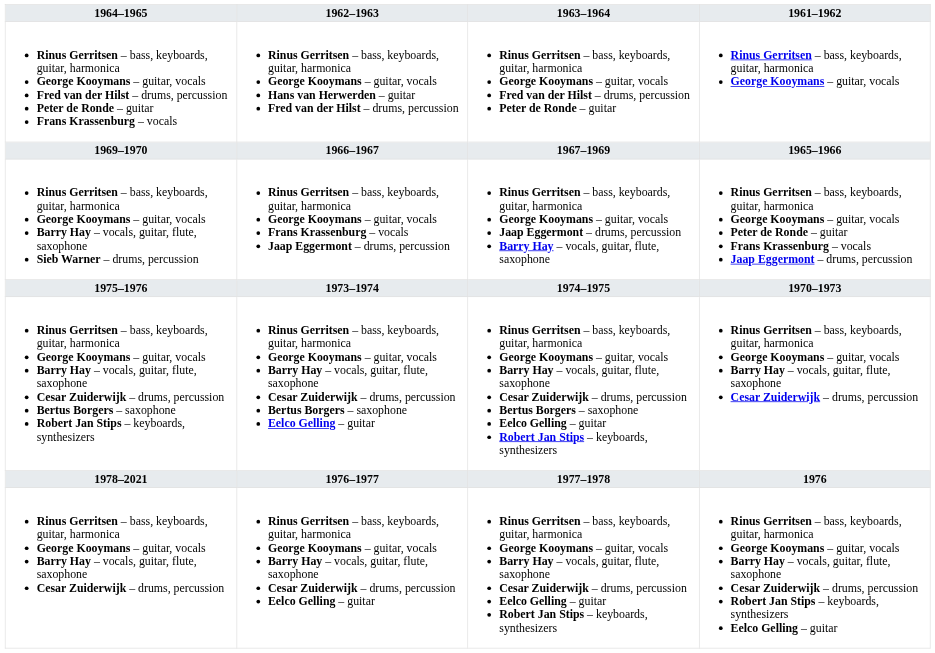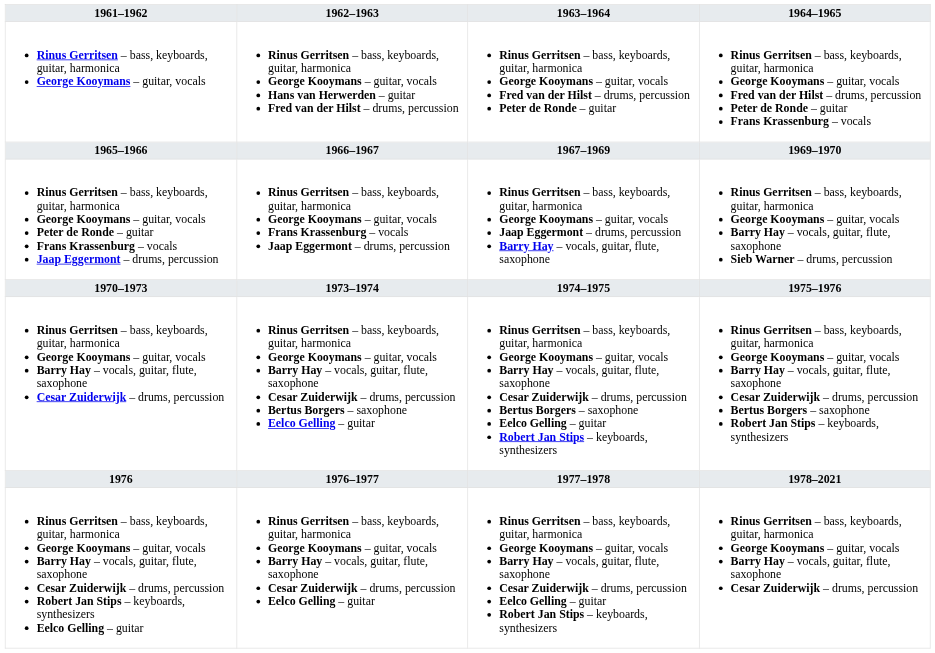 <table class="toccolours" border=1 cellpadding=2 cellspacing=0 style="float: width: 375px; margin: 0 0 1em 1em; border-collapse: collapse; border: 1px solid #E2E2E2;" width=99%>
 <tr>
-<th bgcolor="#E7EBEE" valign=top width=25%>1964–1965</th>
+<th bgcolor="#E7EBEE" valign=top width=25%>1961–1962</th>
 <th bgcolor="#E7EBEE" valign=top width=25%>1962–1963</th>
 <th bgcolor="#E7EBEE" valign=top width=25%>1963–1964</th>
-<th bgcolor="#E7EBEE" valign=top width=25%>1961–1962</th>
+<th bgcolor="#E7EBEE" valign=top width=25%>1964–1965</th>
 </tr>
 <tr>
-<td valign=top><br><ul><li><strong>Rinus Gerritsen</strong> – bass, keyboards, guitar, harmonica</li><li><strong>George Kooymans</strong> – guitar, vocals</li><li><strong>Fred van der Hilst</strong> – drums, percussion</li><li><strong>Peter de Ronde</strong> – guitar</li><li><strong>Frans Krassenburg</strong> – vocals</li></ul></td>
+<td valign=top><br><ul><li><strong><a href='#'>Rinus Gerritsen</a></strong> – bass, keyboards, guitar, harmonica</li><li><strong><a href='#'>George Kooymans</a></strong> – guitar, vocals</li></ul></td>
 <td valign=top><br><ul><li><strong>Rinus Gerritsen</strong> – bass, keyboards, guitar, harmonica</li><li><strong>George Kooymans</strong> – guitar, vocals</li><li><strong>Hans van Herwerden</strong> – guitar</li><li><strong>Fred van der Hilst</strong> – drums, percussion</li></ul></td>
 <td valign=top><br><ul><li><strong>Rinus Gerritsen</strong> – bass, keyboards, guitar, harmonica</li><li><strong>George Kooymans</strong> – guitar, vocals</li><li><strong>Fred van der Hilst</strong> – drums, percussion</li><li><strong>Peter de Ronde</strong> – guitar</li></ul></td>
-<td valign=top><br><ul><li><strong><a href='#'>Rinus Gerritsen</a></strong> – bass, keyboards, guitar, harmonica</li><li><strong><a href='#'>George Kooymans</a></strong> – guitar, vocals</li></ul></td>
+<td valign=top><br><ul><li><strong>Rinus Gerritsen</strong> – bass, keyboards, guitar, harmonica</li><li><strong>George Kooymans</strong> – guitar, vocals</li><li><strong>Fred van der Hilst</strong> – drums, percussion</li><li><strong>Peter de Ronde</strong> – guitar</li><li><strong>Frans Krassenburg</strong> – vocals</li></ul></td>
 </tr>
 <tr>
-<th bgcolor="#E7EBEE" valign=top width=25%>1969–1970</th>
+<th bgcolor="#E7EBEE" valign=top width=25%>1965–1966</th>
 <th bgcolor="#E7EBEE" valign=top width=25%>1966–1967</th>
 <th bgcolor="#E7EBEE" valign=top width=25%>1967–1969</th>
-<th bgcolor="#E7EBEE" valign=top width=25%>1965–1966</th>
+<th bgcolor="#E7EBEE" valign=top width=25%>1969–1970</th>
 </tr>
 <tr>
-<td valign=top><br><ul><li><strong>Rinus Gerritsen</strong> – bass, keyboards, guitar, harmonica</li><li><strong>George Kooymans</strong> – guitar, vocals</li><li><strong>Barry Hay</strong> – vocals, guitar, flute, saxophone</li><li><strong>Sieb Warner</strong> – drums, percussion</li></ul></td>
+<td valign=top><br><ul><li><strong>Rinus Gerritsen</strong> – bass, keyboards, guitar, harmonica</li><li><strong>George Kooymans</strong> – guitar, vocals</li><li><strong>Peter de Ronde</strong> – guitar</li><li><strong>Frans Krassenburg</strong> – vocals</li><li><strong><a href='#'>Jaap Eggermont</a></strong> – drums, percussion</li></ul></td>
 <td valign=top><br><ul><li><strong>Rinus Gerritsen</strong> – bass, keyboards, guitar, harmonica</li><li><strong>George Kooymans</strong> – guitar, vocals</li><li><strong>Frans Krassenburg</strong> – vocals</li><li><strong>Jaap Eggermont</strong> – drums, percussion</li></ul></td>
 <td valign=top><br><ul><li><strong>Rinus Gerritsen</strong> – bass, keyboards, guitar, harmonica</li><li><strong>George Kooymans</strong> – guitar, vocals</li><li><strong>Jaap Eggermont</strong> – drums, percussion</li><li><strong><a href='#'>Barry Hay</a></strong> – vocals, guitar, flute, saxophone</li></ul></td>
-<td valign=top><br><ul><li><strong>Rinus Gerritsen</strong> – bass, keyboards, guitar, harmonica</li><li><strong>George Kooymans</strong> – guitar, vocals</li><li><strong>Peter de Ronde</strong> – guitar</li><li><strong>Frans Krassenburg</strong> – vocals</li><li><strong><a href='#'>Jaap Eggermont</a></strong> – drums, percussion</li></ul></td>
+<td valign=top><br><ul><li><strong>Rinus Gerritsen</strong> – bass, keyboards, guitar, harmonica</li><li><strong>George Kooymans</strong> – guitar, vocals</li><li><strong>Barry Hay</strong> – vocals, guitar, flute, saxophone</li><li><strong>Sieb Warner</strong> – drums, percussion</li></ul></td>
 </tr>
 <tr>
-<th bgcolor="#E7EBEE" valign=top width=25%>1975–1976</th>
+<th bgcolor="#E7EBEE" valign=top width=25%>1970–1973</th>
 <th bgcolor="#E7EBEE" valign=top width=25%>1973–1974</th>
 <th bgcolor="#E7EBEE" valign=top width=25%>1974–1975</th>
-<th bgcolor="#E7EBEE" valign=top width=25%>1970–1973</th>
+<th bgcolor="#E7EBEE" valign=top width=25%>1975–1976</th>
 </tr>
 <tr>
-<td valign=top><br><ul><li><strong>Rinus Gerritsen</strong> – bass, keyboards, guitar, harmonica</li><li><strong>George Kooymans</strong> – guitar, vocals</li><li><strong>Barry Hay</strong> – vocals, guitar, flute, saxophone</li><li><strong>Cesar Zuiderwijk</strong> – drums, percussion</li><li><strong>Bertus Borgers</strong> – saxophone</li><li><strong>Robert Jan Stips</strong> – keyboards, synthesizers</li></ul></td>
+<td valign=top><br><ul><li><strong>Rinus Gerritsen</strong> – bass, keyboards, guitar, harmonica</li><li><strong>George Kooymans</strong> – guitar, vocals</li><li><strong>Barry Hay</strong> – vocals, guitar, flute, saxophone</li><li><strong><a href='#'>Cesar Zuiderwijk</a></strong> – drums, percussion</li></ul></td>
 <td valign=top><br><ul><li><strong>Rinus Gerritsen</strong> – bass, keyboards, guitar, harmonica</li><li><strong>George Kooymans</strong> – guitar, vocals</li><li><strong>Barry Hay</strong> – vocals, guitar, flute, saxophone</li><li><strong>Cesar Zuiderwijk</strong> – drums, percussion</li><li><strong>Bertus Borgers</strong> – saxophone</li><li><strong><a href='#'>Eelco Gelling</a></strong> – guitar</li></ul></td>
 <td valign=top><br><ul><li><strong>Rinus Gerritsen</strong> – bass, keyboards, guitar, harmonica</li><li><strong>George Kooymans</strong> – guitar, vocals</li><li><strong>Barry Hay</strong> – vocals, guitar, flute, saxophone</li><li><strong>Cesar Zuiderwijk</strong> – drums, percussion</li><li><strong>Bertus Borgers</strong> – saxophone</li><li><strong>Eelco Gelling</strong> – guitar</li><li><strong><a href='#'>Robert Jan Stips</a></strong> – keyboards, synthesizers</li></ul></td>
-<td valign=top><br><ul><li><strong>Rinus Gerritsen</strong> – bass, keyboards, guitar, harmonica</li><li><strong>George Kooymans</strong> – guitar, vocals</li><li><strong>Barry Hay</strong> – vocals, guitar, flute, saxophone</li><li><strong><a href='#'>Cesar Zuiderwijk</a></strong> – drums, percussion</li></ul></td>
+<td valign=top><br><ul><li><strong>Rinus Gerritsen</strong> – bass, keyboards, guitar, harmonica</li><li><strong>George Kooymans</strong> – guitar, vocals</li><li><strong>Barry Hay</strong> – vocals, guitar, flute, saxophone</li><li><strong>Cesar Zuiderwijk</strong> – drums, percussion</li><li><strong>Bertus Borgers</strong> – saxophone</li><li><strong>Robert Jan Stips</strong> – keyboards, synthesizers</li></ul></td>
 </tr>
 <tr>
-<th bgcolor="#E7EBEE" valign=top width=25%>1978–2021</th>
+<th bgcolor="#E7EBEE" valign=top width=25%>1976</th>
 <th bgcolor="#E7EBEE" valign=top width=25%>1976–1977</th>
 <th bgcolor="#E7EBEE" valign=top width=25%>1977–1978</th>
-<th bgcolor="#E7EBEE" valign=top width=25%>1976</th>
+<th bgcolor="#E7EBEE" valign=top width=25%>1978–2021</th>
 </tr>
 <tr>
-<td valign=top><br><ul><li><strong>Rinus Gerritsen</strong> – bass, keyboards, guitar, harmonica</li><li><strong>George Kooymans</strong> – guitar, vocals</li><li><strong>Barry Hay</strong> – vocals, guitar, flute, saxophone</li><li><strong>Cesar Zuiderwijk</strong> – drums, percussion</li></ul></td>
+<td valign=top><br><ul><li><strong>Rinus Gerritsen</strong> – bass, keyboards, guitar, harmonica</li><li><strong>George Kooymans</strong> – guitar, vocals</li><li><strong>Barry Hay</strong> – vocals, guitar, flute, saxophone</li><li><strong>Cesar Zuiderwijk</strong> – drums, percussion</li><li><strong>Robert Jan Stips</strong> – keyboards, synthesizers</li><li><strong>Eelco Gelling</strong> – guitar</li></ul></td>
 <td valign=top><br><ul><li><strong>Rinus Gerritsen</strong> – bass, keyboards, guitar, harmonica</li><li><strong>George Kooymans</strong> – guitar, vocals</li><li><strong>Barry Hay</strong> – vocals, guitar, flute, saxophone</li><li><strong>Cesar Zuiderwijk</strong> – drums, percussion</li><li><strong>Eelco Gelling</strong> – guitar</li></ul></td>
 <td valign=top><br><ul><li><strong>Rinus Gerritsen</strong> – bass, keyboards, guitar, harmonica</li><li><strong>George Kooymans</strong> – guitar, vocals</li><li><strong>Barry Hay</strong> – vocals, guitar, flute, saxophone</li><li><strong>Cesar Zuiderwijk</strong> – drums, percussion</li><li><strong>Eelco Gelling</strong> – guitar</li><li><strong>Robert Jan Stips</strong> – keyboards, synthesizers</li></ul></td>
-<td valign=top><br><ul><li><strong>Rinus Gerritsen</strong> – bass, keyboards, guitar, harmonica</li><li><strong>George Kooymans</strong> – guitar, vocals</li><li><strong>Barry Hay</strong> – vocals, guitar, flute, saxophone</li><li><strong>Cesar Zuiderwijk</strong> – drums, percussion</li><li><strong>Robert Jan Stips</strong> – keyboards, synthesizers</li><li><strong>Eelco Gelling</strong> – guitar</li></ul></td>
+<td valign=top><br><ul><li><strong>Rinus Gerritsen</strong> – bass, keyboards, guitar, harmonica</li><li><strong>George Kooymans</strong> – guitar, vocals</li><li><strong>Barry Hay</strong> – vocals, guitar, flute, saxophone</li><li><strong>Cesar Zuiderwijk</strong> – drums, percussion</li></ul></td>
 </tr>
 </table>
